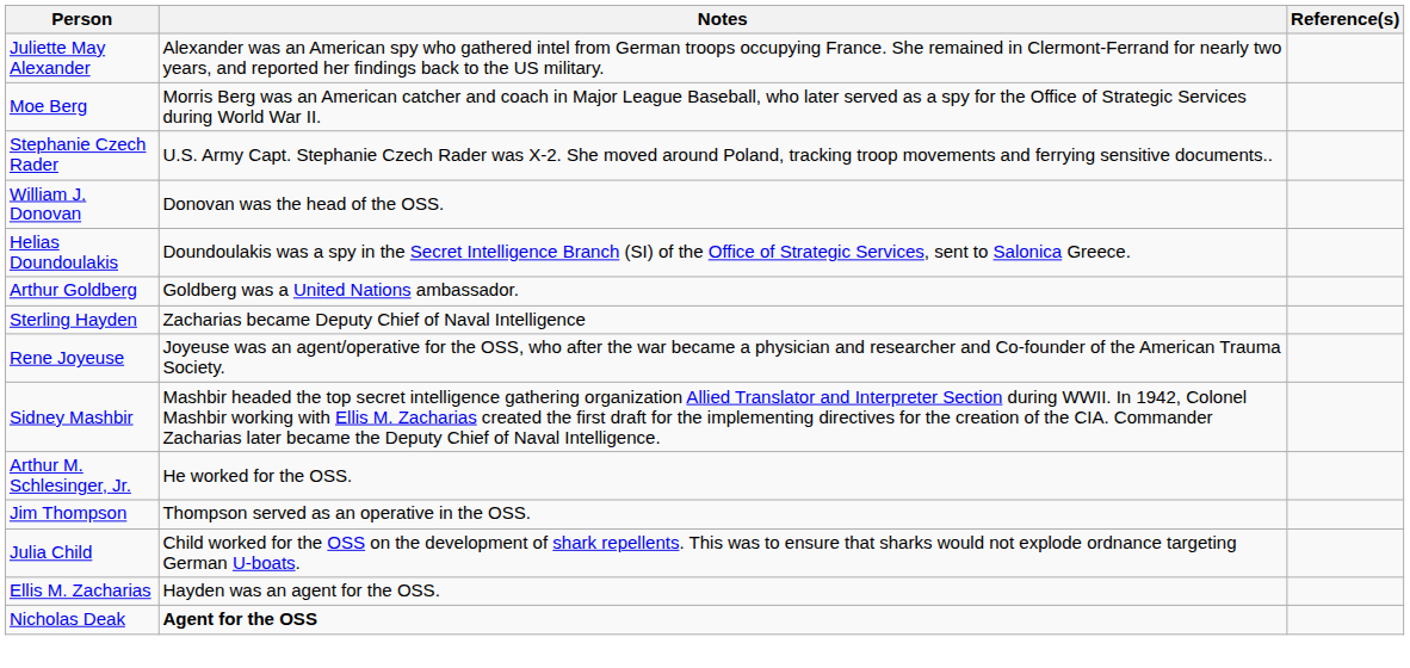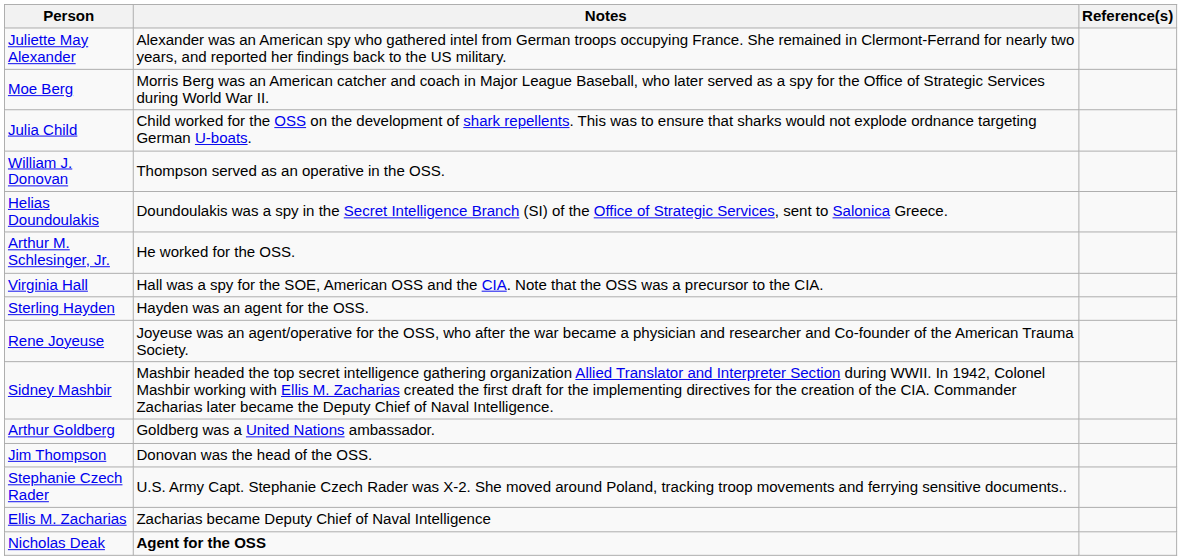 <table class="wikitable sortable">
 <tr>
 <th>Person</th>
 <th class="unsortable">Notes</th>
 <th class="unsortable">Reference(s)</th>
 </tr>
 <tr>
 <td data-sort-value="Alexander, Juliette May"><a href='#'>Juliette May Alexander</a></td>
 <td>Alexander was an American spy who gathered intel from German troops occupying France. She remained in Clermont-Ferrand for nearly two years, and reported her findings back to the US military.</td>
 <td></td>
 </tr>
 <tr>
 <td data-sort-value="Berg, Morris Moe"><a href='#'>Moe Berg</a></td>
 <td>Morris Berg was an American catcher and coach in Major League Baseball, who later served as a spy for the Office of Strategic Services during World War II.</td>
 <td></td>
 </tr>
 <tr>
-<td data-sort-value="Wells, Jaden,"><a href='#'>Stephanie Czech Rader</a></td>
-<td>U.S. Army Capt. Stephanie Czech Rader was X-2.  She moved around Poland, tracking troop movements and ferrying sensitive documents..</td>
+<td data-sort-value="Child, Julia"><a href='#'>Julia Child</a></td>
+<td>Child worked for the <a href='#'>OSS</a> on the development of <a href='#'>shark repellents</a>. This was to ensure that sharks would not explode ordnance targeting German <a href='#'>U-boats</a>.</td>
 <td></td>
 </tr>
 <tr>
 <td data-sort-value="Donovan, William J."><a href='#'>William J. Donovan</a></td>
-<td>Donovan was the head of the OSS.</td>
+<td>Thompson served as an operative in the OSS.</td>
 <td></td>
 </tr>
 <tr>
 <td data-sort-value="Doundoulakis, Helias"><a href='#'>Helias Doundoulakis</a></td>
 <td>Doundoulakis was a spy in the <a href='#'>Secret Intelligence Branch</a> (SI) of the <a href='#'>Office of Strategic Services</a>, sent to <a href='#'>Salonica</a> Greece.</td>
 </tr>
 <tr>
-<td data-sort-value="Goldberg, Arthur"><a href='#'>Arthur Goldberg</a></td>
-<td>Goldberg was a <a href='#'>United Nations</a> ambassador.</td>
+<td data-sort-value="Schlesinger, Arthur M. Jr."><a href='#'>Arthur M. Schlesinger, Jr.</a></td>
+<td>He worked for the OSS.</td>
+<td></td>
+</tr>
+<tr>
+<td data-sort-value="Hall, Virginia"><a href='#'>Virginia Hall</a></td>
+<td>Hall was a spy for the SOE, American OSS and the <a href='#'>CIA</a>. Note that the OSS was a precursor to the CIA.</td>
 <td></td>
 </tr>
 <tr>
 <td data-sort-value="Hayden, Sterling"><a href='#'>Sterling Hayden</a></td>
-<td>Zacharias became Deputy Chief of Naval Intelligence</td>
+<td>Hayden was an agent for the OSS.</td>
 <td></td>
 </tr>
 <tr>
 <td data-sort-value="Joyeuse, Rene "><a href='#'>Rene Joyeuse</a></td>
 <td>Joyeuse was an agent/operative for the OSS, who after the war became a physician and researcher and Co-founder of the American Trauma Society.</td>
 <td></td>
 </tr>
 <tr>
 <td><a href='#'>Sidney Mashbir</a></td>
 <td>Mashbir headed the top secret intelligence gathering organization <a href='#'>Allied Translator and Interpreter Section</a> during WWII. In 1942, Colonel Mashbir working with <a href='#'>Ellis M. Zacharias</a> created the first draft for the implementing directives for the creation of the CIA. Commander Zacharias later became the Deputy Chief of Naval Intelligence.</td>
 <td></td>
 </tr>
 <tr>
-<td data-sort-value="Schlesinger, Arthur M. Jr."><a href='#'>Arthur M. Schlesinger, Jr.</a></td>
-<td>He worked for the OSS.</td>
+<td data-sort-value="Goldberg, Arthur"><a href='#'>Arthur Goldberg</a></td>
+<td>Goldberg was a <a href='#'>United Nations</a> ambassador.</td>
 <td></td>
 </tr>
 <tr>
 <td data-sort-value="Thompson, Jim"><a href='#'>Jim Thompson</a></td>
-<td>Thompson served as an operative in the OSS.</td>
+<td>Donovan was the head of the OSS.</td>
 <td></td>
 </tr>
 <tr>
-<td data-sort-value="Child, Julia"><a href='#'>Julia Child</a></td>
-<td>Child worked for the <a href='#'>OSS</a> on the development of <a href='#'>shark repellents</a>. This was to ensure that sharks would not explode ordnance targeting German <a href='#'>U-boats</a>.</td>
+<td data-sort-value="Wells, Jaden,"><a href='#'>Stephanie Czech Rader</a></td>
+<td>U.S. Army Capt. Stephanie Czech Rader was X-2.  She moved around Poland, tracking troop movements and ferrying sensitive documents..</td>
 <td></td>
 </tr>
 <tr>
 <td><a href='#'>Ellis M. Zacharias</a></td>
-<td>Hayden was an agent for the OSS.</td>
+<td>Zacharias became Deputy Chief of Naval Intelligence</td>
 <td></td>
 </tr>
 <tr>
 <td><a href='#'>Nicholas Deak</a></td>
 <td><strong>Agent for the OSS</strong></td>
 <td></td>
 </tr>
 </table>
